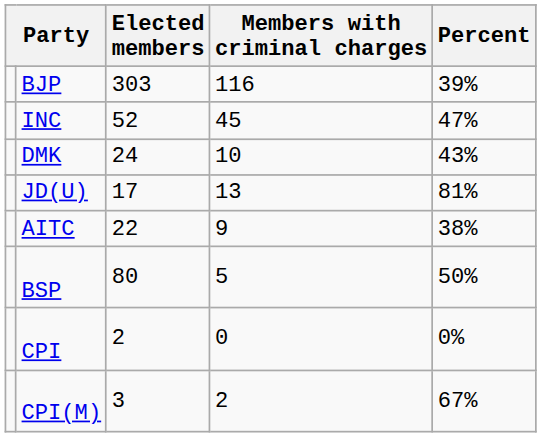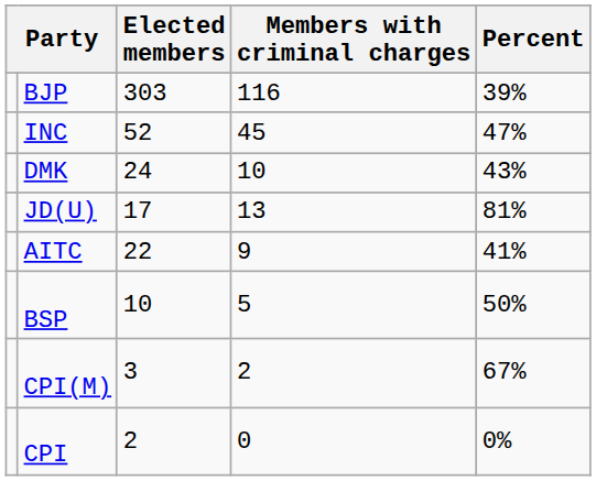 <table class="wikitable sortable" align="right">
 <tr>
 <th colspan=2>Party</th>
 <th>Elected <br> members</th>
 <th>Members with <br>criminal charges</th>
 <th>Percent</th>
 </tr>
 <tr>
 <td></td>
 <td><a href='#'>BJP</a></td>
 <td>303</td>
 <td>116</td>
 <td>39%</td>
 </tr>
 <tr>
 <td></td>
 <td><a href='#'>INC</a></td>
 <td>52</td>
 <td>45</td>
 <td>47%</td>
 </tr>
 <tr>
 <td></td>
 <td><a href='#'>DMK</a></td>
 <td>24</td>
 <td>10</td>
 <td>43%</td>
 </tr>
 <tr>
 <td bgcolor=></td>
 <td><a href='#'>JD(U)</a></td>
 <td>17</td>
 <td>13</td>
 <td>81%</td>
 </tr>
 <tr>
 <td></td>
 <td><a href='#'>AITC</a></td>
 <td>22</td>
 <td>9</td>
-<td>38%</td>
+<td>41%</td>
 </tr>
 <tr>
 <td></td>
 <td><br><a href='#'>BSP</a></td>
-<td>80</td>
+<td>10</td>
 <td>5</td>
 <td>50%</td>
+</tr>
+<tr>
+<td></td>
+<td><br><a href='#'>CPI(M)</a></td>
+<td>3</td>
+<td>2</td>
+<td>67%</td>
 </tr>
 <tr>
 <td></td>
 <td><br><a href='#'>CPI</a></td>
 <td>2</td>
 <td>0</td>
 <td>0%</td>
 </tr>
-<tr>
-<td></td>
-<td><br><a href='#'>CPI(M)</a></td>
-<td>3</td>
-<td>2</td>
-<td>67%</td>
-</tr>
 </table>
